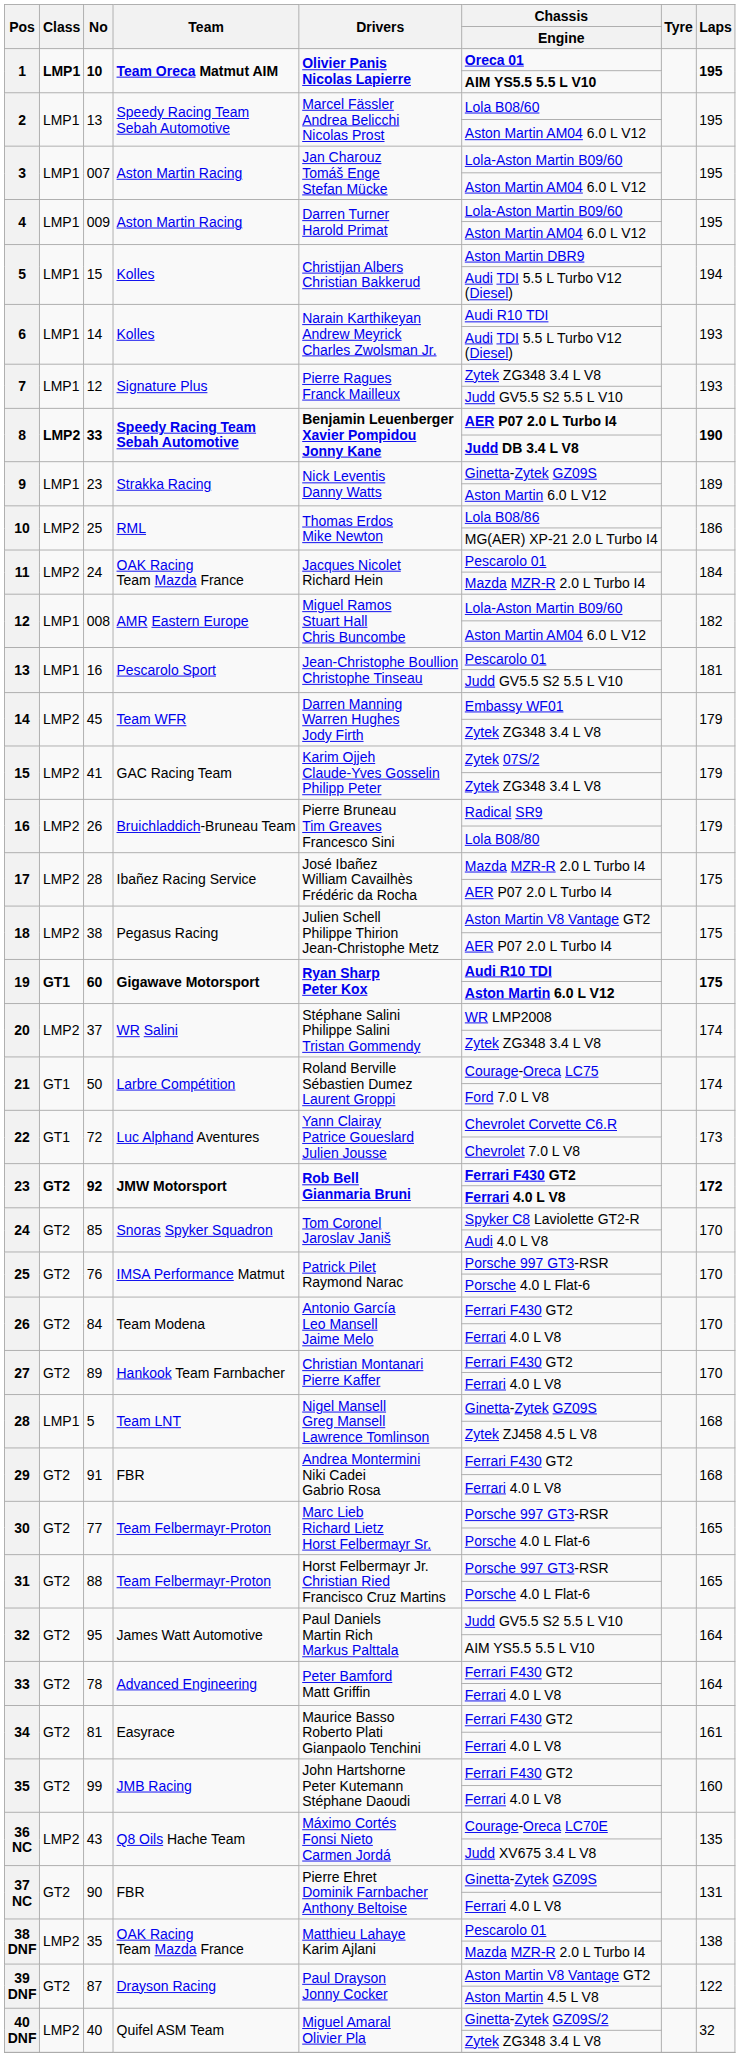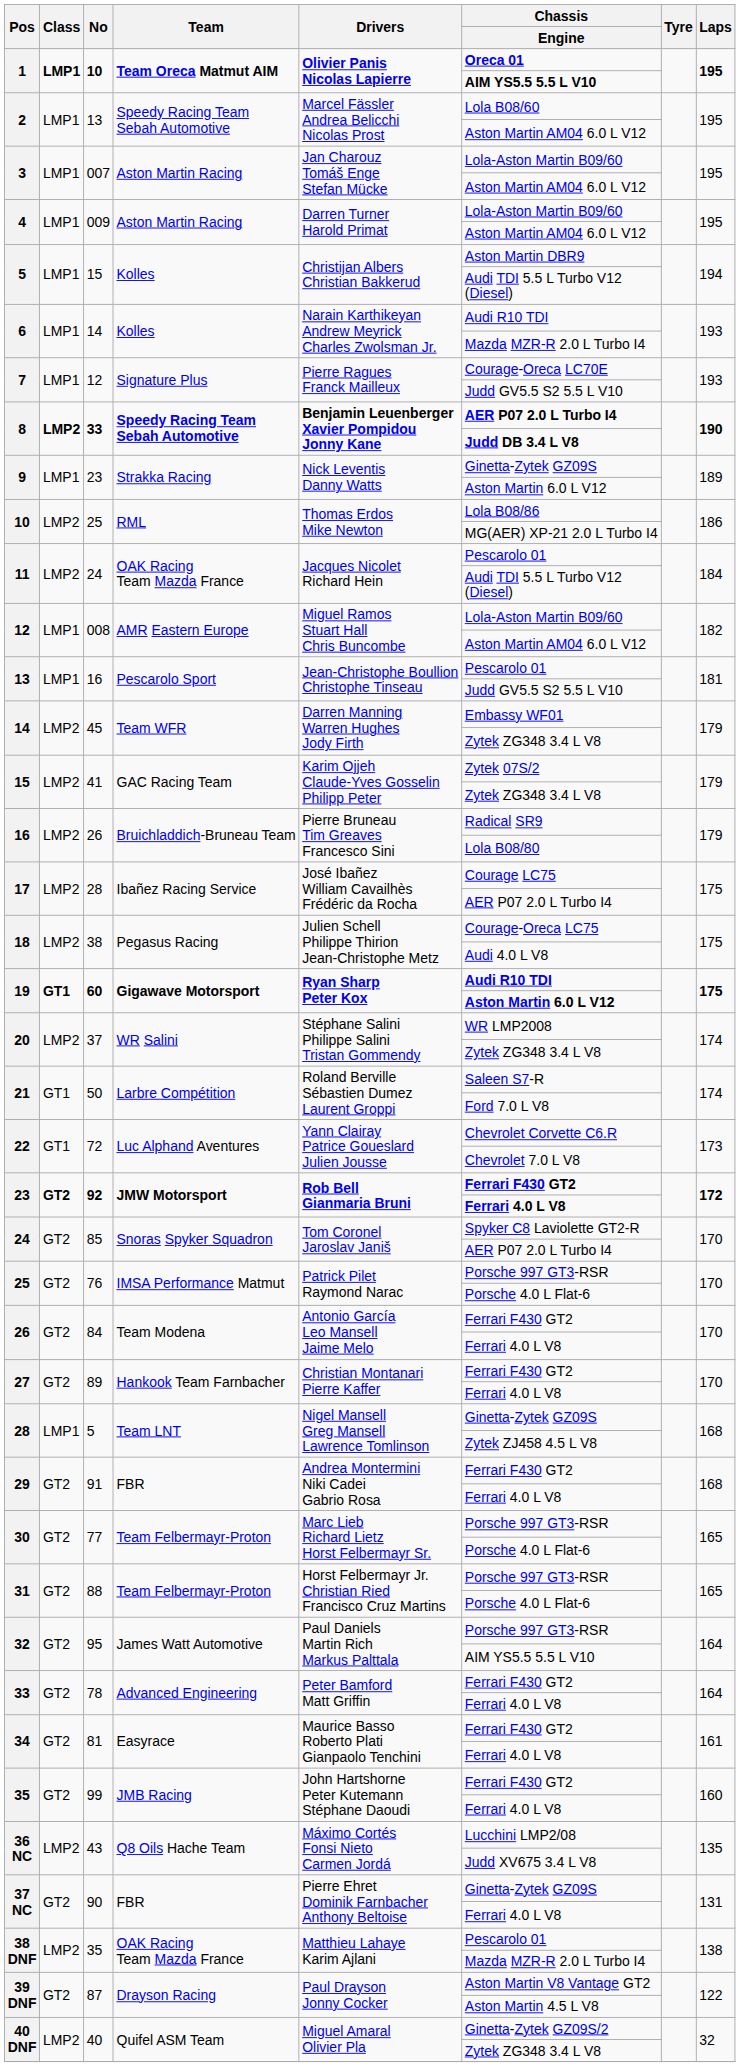 <table class="wikitable" style="font-size: 95%;">
 <tr>
 <th rowspan=2>Pos</th>
 <th rowspan=2>Class</th>
 <th rowspan=2>No</th>
 <th rowspan=2>Team</th>
 <th rowspan=2>Drivers</th>
 <th>Chassis</th>
 <th rowspan=2>Tyre</th>
 <th rowspan=2>Laps</th>
 </tr>
 <tr>
 <th>Engine</th>
 </tr>
 <tr style="font-weight:bold">
 <th rowspan=2>1</th>
 <td rowspan=2>LMP1</td>
 <td rowspan=2>10</td>
 <td rowspan=2> <a href='#'>Team Oreca</a> Matmut AIM</td>
 <td rowspan=2> <a href='#'>Olivier Panis</a><br> <a href='#'>Nicolas Lapierre</a></td>
 <td><a href='#'>Oreca 01</a></td>
 <td rowspan=2></td>
 <td rowspan=2>195</td>
 </tr>
 <tr style="font-weight:bold">
 <td>AIM YS5.5 5.5 L V10</td>
 </tr>
 <tr>
 <th rowspan=2>2</th>
 <td rowspan=2>LMP1</td>
 <td rowspan=2>13</td>
 <td rowspan=2> <a href='#'>Speedy Racing Team</a><br> <a href='#'>Sebah Automotive</a></td>
 <td rowspan=2> <a href='#'>Marcel Fässler</a><br> <a href='#'>Andrea Belicchi</a><br> <a href='#'>Nicolas Prost</a></td>
 <td><a href='#'>Lola B08/60</a></td>
 <td rowspan=2></td>
 <td rowspan=2>195</td>
 </tr>
 <tr>
 <td><a href='#'>Aston Martin AM04</a> 6.0 L V12</td>
 </tr>
 <tr>
 <th rowspan=2>3</th>
 <td rowspan=2>LMP1</td>
 <td rowspan=2>007</td>
 <td rowspan=2> <a href='#'>Aston Martin Racing</a></td>
 <td rowspan=2> <a href='#'>Jan Charouz</a><br> <a href='#'>Tomáš Enge</a><br> <a href='#'>Stefan Mücke</a></td>
 <td><a href='#'>Lola-Aston Martin B09/60</a></td>
 <td rowspan=2></td>
 <td rowspan=2>195</td>
 </tr>
 <tr>
 <td><a href='#'>Aston Martin AM04</a> 6.0 L V12</td>
 </tr>
 <tr>
 <th rowspan=2>4</th>
 <td rowspan=2>LMP1</td>
 <td rowspan=2>009</td>
 <td rowspan=2> <a href='#'>Aston Martin Racing</a></td>
 <td rowspan=2> <a href='#'>Darren Turner</a><br> <a href='#'>Harold Primat</a></td>
 <td><a href='#'>Lola-Aston Martin B09/60</a></td>
 <td rowspan=2></td>
 <td rowspan=2>195</td>
 </tr>
 <tr>
 <td><a href='#'>Aston Martin AM04</a> 6.0 L V12</td>
 </tr>
 <tr>
 <th rowspan=2>5</th>
 <td rowspan=2>LMP1</td>
 <td rowspan=2>15</td>
 <td rowspan=2> <a href='#'>Kolles</a></td>
 <td rowspan=2> <a href='#'>Christijan Albers</a><br> <a href='#'>Christian Bakkerud</a></td>
 <td><a href='#'>Aston Martin DBR9</a></td>
 <td rowspan=2></td>
 <td rowspan=2>194</td>
 </tr>
 <tr>
 <td><a href='#'>Audi</a> <a href='#'>TDI</a> 5.5 L Turbo V12<br>(<a href='#'>Diesel</a>)</td>
 </tr>
 <tr>
 <th rowspan=2>6</th>
 <td rowspan=2>LMP1</td>
 <td rowspan=2>14</td>
 <td rowspan=2> <a href='#'>Kolles</a></td>
 <td rowspan=2> <a href='#'>Narain Karthikeyan</a><br> <a href='#'>Andrew Meyrick</a><br> <a href='#'>Charles Zwolsman Jr.</a></td>
 <td><a href='#'>Audi R10 TDI</a></td>
 <td rowspan=2></td>
 <td rowspan=2>193</td>
 </tr>
 <tr>
-<td><a href='#'>Audi</a> <a href='#'>TDI</a> 5.5 L Turbo V12<br>(<a href='#'>Diesel</a>)</td>
+<td><a href='#'>Mazda</a> <a href='#'>MZR-R</a> 2.0 L Turbo I4</td>
 </tr>
 <tr>
 <th rowspan=2>7</th>
 <td rowspan=2>LMP1</td>
 <td rowspan=2>12</td>
 <td rowspan=2> <a href='#'>Signature Plus</a></td>
 <td rowspan=2> <a href='#'>Pierre Ragues</a><br> <a href='#'>Franck Mailleux</a></td>
-<td><a href='#'>Zytek</a> ZG348 3.4 L V8</td>
+<td><a href='#'>Courage</a>-<a href='#'>Oreca</a> <a href='#'>LC70E</a></td>
 <td rowspan=2></td>
 <td rowspan=2>193</td>
 </tr>
 <tr>
 <td><a href='#'>Judd</a> GV5.5 S2 5.5 L V10</td>
 </tr>
 <tr style="font-weight:bold">
 <th rowspan=2>8</th>
 <td rowspan=2>LMP2</td>
 <td rowspan=2>33</td>
 <td rowspan=2> <a href='#'>Speedy Racing Team</a><br> <a href='#'>Sebah Automotive</a></td>
 <td rowspan=2> Benjamin Leuenberger<br><a href='#'>Xavier Pompidou</a><br> <a href='#'>Jonny Kane</a></td>
 <td><a href='#'>AER</a> P07 2.0 L Turbo I4</td>
 <td rowspan=2></td>
 <td rowspan=2>190</td>
 </tr>
 <tr style="font-weight:bold">
 <td><a href='#'>Judd</a> DB 3.4 L V8</td>
 </tr>
 <tr>
 <th rowspan=2>9</th>
 <td rowspan=2>LMP1</td>
 <td rowspan=2>23</td>
 <td rowspan=2> <a href='#'>Strakka Racing</a></td>
 <td rowspan=2> <a href='#'>Nick Leventis</a><br> <a href='#'>Danny Watts</a></td>
 <td><a href='#'>Ginetta</a>-<a href='#'>Zytek</a> <a href='#'>GZ09S</a></td>
 <td rowspan=2></td>
 <td rowspan=2>189</td>
 </tr>
 <tr>
 <td><a href='#'>Aston Martin</a> 6.0 L V12</td>
 </tr>
 <tr>
 <th rowspan=2>10</th>
 <td rowspan=2>LMP2</td>
 <td rowspan=2>25</td>
 <td rowspan=2> <a href='#'>RML</a></td>
 <td rowspan=2> <a href='#'>Thomas Erdos</a><br> <a href='#'>Mike Newton</a></td>
 <td><a href='#'>Lola B08/86</a></td>
 <td rowspan=2></td>
 <td rowspan=2>186</td>
 </tr>
 <tr>
 <td>MG(AER) XP-21 2.0 L Turbo I4</td>
 </tr>
 <tr>
 <th rowspan=2>11</th>
 <td rowspan=2>LMP2</td>
 <td rowspan=2>24</td>
 <td rowspan=2> <a href='#'>OAK Racing</a><br> Team <a href='#'>Mazda</a> France</td>
 <td rowspan=2> <a href='#'>Jacques Nicolet</a><br> Richard Hein</td>
 <td><a href='#'>Pescarolo 01</a></td>
 <td rowspan=2></td>
 <td rowspan=2>184</td>
 </tr>
 <tr>
-<td><a href='#'>Mazda</a> <a href='#'>MZR-R</a> 2.0 L Turbo I4</td>
+<td><a href='#'>Audi</a> <a href='#'>TDI</a> 5.5 L Turbo V12<br>(<a href='#'>Diesel</a>)</td>
 </tr>
 <tr>
 <th rowspan=2>12</th>
 <td rowspan=2>LMP1</td>
 <td rowspan=2>008</td>
 <td rowspan=2> <a href='#'>AMR</a> <a href='#'>Eastern Europe</a></td>
 <td rowspan=2> <a href='#'>Miguel Ramos</a><br> <a href='#'>Stuart Hall</a><br> <a href='#'>Chris Buncombe</a></td>
 <td><a href='#'>Lola-Aston Martin B09/60</a></td>
 <td rowspan=2></td>
 <td rowspan=2>182</td>
 </tr>
 <tr>
 <td><a href='#'>Aston Martin AM04</a> 6.0 L V12</td>
 </tr>
 <tr>
 <th rowspan=2>13</th>
 <td rowspan=2>LMP1</td>
 <td rowspan=2>16</td>
 <td rowspan=2> <a href='#'>Pescarolo Sport</a></td>
 <td rowspan=2> <a href='#'>Jean-Christophe Boullion</a><br> <a href='#'>Christophe Tinseau</a></td>
 <td><a href='#'>Pescarolo 01</a></td>
 <td rowspan=2></td>
 <td rowspan=2>181</td>
 </tr>
 <tr>
 <td><a href='#'>Judd</a> GV5.5 S2 5.5 L V10</td>
 </tr>
 <tr>
 <th rowspan=2>14</th>
 <td rowspan=2>LMP2</td>
 <td rowspan=2>45</td>
 <td rowspan=2> <a href='#'>Team WFR</a></td>
 <td rowspan=2> <a href='#'>Darren Manning</a><br> <a href='#'>Warren Hughes</a><br> <a href='#'>Jody Firth</a></td>
 <td><a href='#'>Embassy WF01</a></td>
 <td rowspan=2></td>
 <td rowspan=2>179</td>
 </tr>
 <tr>
 <td><a href='#'>Zytek</a> ZG348 3.4 L V8</td>
 </tr>
 <tr>
 <th rowspan=2>15</th>
 <td rowspan=2>LMP2</td>
 <td rowspan=2>41</td>
 <td rowspan=2> GAC Racing Team</td>
 <td rowspan=2> <a href='#'>Karim Ojjeh</a><br> <a href='#'>Claude-Yves Gosselin</a><br> <a href='#'>Philipp Peter</a></td>
 <td><a href='#'>Zytek</a> <a href='#'>07S/2</a></td>
 <td rowspan=2></td>
 <td rowspan=2>179</td>
 </tr>
 <tr>
 <td><a href='#'>Zytek</a> ZG348 3.4 L V8</td>
 </tr>
 <tr>
 <th rowspan=2>16</th>
 <td rowspan=2>LMP2</td>
 <td rowspan=2>26</td>
 <td rowspan=2> <a href='#'>Bruichladdich</a>-Bruneau Team</td>
 <td rowspan=2> Pierre Bruneau<br> <a href='#'>Tim Greaves</a><br> Francesco Sini</td>
 <td><a href='#'>Radical</a> <a href='#'>SR9</a></td>
 <td rowspan=2></td>
 <td rowspan=2>179</td>
 </tr>
 <tr>
 <td><a href='#'>Lola B08/80</a></td>
 </tr>
 <tr>
 <th rowspan=2>17</th>
 <td rowspan=2>LMP2</td>
 <td rowspan=2>28</td>
 <td rowspan=2> Ibañez Racing Service</td>
 <td rowspan=2> José Ibañez<br> William Cavailhès<br> Frédéric da Rocha</td>
-<td><a href='#'>Mazda</a> <a href='#'>MZR-R</a> 2.0 L Turbo I4</td>
+<td><a href='#'>Courage</a> <a href='#'>LC75</a></td>
 <td rowspan=2></td>
 <td rowspan=2>175</td>
 </tr>
 <tr>
 <td><a href='#'>AER</a> P07 2.0 L Turbo I4</td>
 </tr>
 <tr>
 <th rowspan=2>18</th>
 <td rowspan=2>LMP2</td>
 <td rowspan=2>38</td>
 <td rowspan=2> Pegasus Racing</td>
 <td rowspan=2> Julien Schell<br> Philippe Thirion<br> Jean-Christophe Metz</td>
-<td><a href='#'>Aston Martin V8 Vantage</a> GT2</td>
+<td><a href='#'>Courage</a>-<a href='#'>Oreca</a> <a href='#'>LC75</a></td>
 <td rowspan=2></td>
 <td rowspan=2>175</td>
 </tr>
 <tr>
-<td><a href='#'>AER</a> P07 2.0 L Turbo I4</td>
+<td><a href='#'>Audi</a> 4.0 L V8</td>
 </tr>
 <tr style="font-weight:bold">
 <th rowspan=2>19</th>
 <td rowspan=2>GT1</td>
 <td rowspan=2>60</td>
 <td rowspan=2> Gigawave Motorsport</td>
 <td rowspan=2> <a href='#'>Ryan Sharp</a><br> <a href='#'>Peter Kox</a></td>
 <td><a href='#'>Audi R10 TDI</a></td>
 <td rowspan=2></td>
 <td rowspan=2>175</td>
 </tr>
 <tr style="font-weight:bold">
 <td><a href='#'>Aston Martin</a> 6.0 L V12</td>
 </tr>
 <tr>
 <th rowspan=2>20</th>
 <td rowspan=2>LMP2</td>
 <td rowspan=2>37</td>
 <td rowspan=2> <a href='#'>WR</a> <a href='#'>Salini</a></td>
 <td rowspan=2> Stéphane Salini<br> Philippe Salini<br> <a href='#'>Tristan Gommendy</a></td>
 <td><a href='#'>WR</a> LMP2008</td>
 <td rowspan=2></td>
 <td rowspan=2>174</td>
 </tr>
 <tr>
 <td><a href='#'>Zytek</a> ZG348 3.4 L V8</td>
 </tr>
 <tr>
 <th rowspan=2>21</th>
 <td rowspan=2>GT1</td>
 <td rowspan=2>50</td>
 <td rowspan=2> <a href='#'>Larbre Compétition</a></td>
 <td rowspan=2> Roland Berville<br> Sébastien Dumez<br> <a href='#'>Laurent Groppi</a></td>
-<td><a href='#'>Courage</a>-<a href='#'>Oreca</a> <a href='#'>LC75</a></td>
+<td><a href='#'>Saleen S7</a>-R</td>
 <td rowspan=2></td>
 <td rowspan=2>174</td>
 </tr>
 <tr>
 <td><a href='#'>Ford</a> 7.0 L V8</td>
 </tr>
 <tr>
 <th rowspan=2>22</th>
 <td rowspan=2>GT1</td>
 <td rowspan=2>72</td>
 <td rowspan=2> <a href='#'>Luc Alphand</a> Aventures</td>
 <td rowspan=2> <a href='#'>Yann Clairay</a><br> <a href='#'>Patrice Goueslard</a><br> <a href='#'>Julien Jousse</a></td>
 <td><a href='#'>Chevrolet Corvette C6.R</a></td>
 <td rowspan=2></td>
 <td rowspan=2>173</td>
 </tr>
 <tr>
 <td><a href='#'>Chevrolet</a> 7.0 L V8</td>
 </tr>
 <tr style="font-weight:bold">
 <th rowspan=2>23</th>
 <td rowspan=2>GT2</td>
 <td rowspan=2>92</td>
 <td rowspan=2> JMW Motorsport</td>
 <td rowspan=2> <a href='#'>Rob Bell</a><br> <a href='#'>Gianmaria Bruni</a></td>
 <td><a href='#'>Ferrari F430</a> GT2</td>
 <td rowspan=2></td>
 <td rowspan=2>172</td>
 </tr>
 <tr style="font-weight:bold">
 <td><a href='#'>Ferrari</a> 4.0 L V8</td>
 </tr>
 <tr>
 <th rowspan=2>24</th>
 <td rowspan=2>GT2</td>
 <td rowspan=2>85</td>
 <td rowspan=2> <a href='#'>Snoras</a> <a href='#'>Spyker Squadron</a></td>
 <td rowspan=2> <a href='#'>Tom Coronel</a><br> <a href='#'>Jaroslav Janiš</a></td>
 <td><a href='#'>Spyker C8</a> Laviolette GT2-R</td>
 <td rowspan=2></td>
 <td rowspan=2>170</td>
 </tr>
 <tr>
-<td><a href='#'>Audi</a> 4.0 L V8</td>
+<td><a href='#'>AER</a> P07 2.0 L Turbo I4</td>
 </tr>
 <tr>
 <th rowspan=2>25</th>
 <td rowspan=2>GT2</td>
 <td rowspan=2>76</td>
 <td rowspan=2> <a href='#'>IMSA Performance</a> Matmut</td>
 <td rowspan=2> <a href='#'>Patrick Pilet</a><br> Raymond Narac</td>
 <td><a href='#'>Porsche 997 GT3</a>-RSR</td>
 <td rowspan=2></td>
 <td rowspan=2>170</td>
 </tr>
 <tr>
 <td><a href='#'>Porsche</a> 4.0 L Flat-6</td>
 </tr>
 <tr>
 <th rowspan=2>26</th>
 <td rowspan=2>GT2</td>
 <td rowspan=2>84</td>
 <td rowspan=2> Team Modena</td>
 <td rowspan=2> <a href='#'>Antonio García</a><br> <a href='#'>Leo Mansell</a><br> <a href='#'>Jaime Melo</a></td>
 <td><a href='#'>Ferrari F430</a> GT2</td>
 <td rowspan=2></td>
 <td rowspan=2>170</td>
 </tr>
 <tr>
 <td><a href='#'>Ferrari</a> 4.0 L V8</td>
 </tr>
 <tr>
 <th rowspan=2>27</th>
 <td rowspan=2>GT2</td>
 <td rowspan=2>89</td>
 <td rowspan=2> <a href='#'>Hankook</a> Team Farnbacher</td>
 <td rowspan=2> <a href='#'>Christian Montanari</a><br> <a href='#'>Pierre Kaffer</a></td>
 <td><a href='#'>Ferrari F430</a> GT2</td>
 <td rowspan=2></td>
 <td rowspan=2>170</td>
 </tr>
 <tr>
 <td><a href='#'>Ferrari</a> 4.0 L V8</td>
 </tr>
 <tr>
 <th rowspan=2>28</th>
 <td rowspan=2>LMP1</td>
 <td rowspan=2>5</td>
 <td rowspan=2> <a href='#'>Team LNT</a></td>
 <td rowspan=2> <a href='#'>Nigel Mansell</a><br> <a href='#'>Greg Mansell</a><br> <a href='#'>Lawrence Tomlinson</a></td>
 <td><a href='#'>Ginetta</a>-<a href='#'>Zytek</a> <a href='#'>GZ09S</a></td>
 <td rowspan=2></td>
 <td rowspan=2>168</td>
 </tr>
 <tr>
 <td><a href='#'>Zytek</a> ZJ458 4.5 L V8</td>
 </tr>
 <tr>
 <th rowspan=2>29</th>
 <td rowspan=2>GT2</td>
 <td rowspan=2>91</td>
 <td rowspan=2> FBR</td>
 <td rowspan=2> <a href='#'>Andrea Montermini</a><br> Niki Cadei<br> Gabrio Rosa</td>
 <td><a href='#'>Ferrari F430</a> GT2</td>
 <td rowspan=2></td>
 <td rowspan=2>168</td>
 </tr>
 <tr>
 <td><a href='#'>Ferrari</a> 4.0 L V8</td>
 </tr>
 <tr>
 <th rowspan=2>30</th>
 <td rowspan=2>GT2</td>
 <td rowspan=2>77</td>
 <td rowspan=2> <a href='#'>Team Felbermayr-Proton</a></td>
 <td rowspan=2> <a href='#'>Marc Lieb</a><br> <a href='#'>Richard Lietz</a><br> <a href='#'> Horst Felbermayr Sr.</a></td>
 <td><a href='#'>Porsche 997 GT3</a>-RSR</td>
 <td rowspan=2></td>
 <td rowspan=2>165</td>
 </tr>
 <tr>
 <td><a href='#'>Porsche</a> 4.0 L Flat-6</td>
 </tr>
 <tr>
 <th rowspan=2>31</th>
 <td rowspan=2>GT2</td>
 <td rowspan=2>88</td>
 <td rowspan=2> <a href='#'>Team Felbermayr-Proton</a></td>
 <td rowspan=2> Horst Felbermayr Jr.<br> <a href='#'>Christian Ried</a><br> Francisco Cruz Martins</td>
 <td><a href='#'>Porsche 997 GT3</a>-RSR</td>
 <td rowspan=2></td>
 <td rowspan=2>165</td>
 </tr>
 <tr>
 <td><a href='#'>Porsche</a> 4.0 L Flat-6</td>
 </tr>
 <tr>
 <th rowspan=2>32</th>
 <td rowspan=2>GT2</td>
 <td rowspan=2>95</td>
 <td rowspan=2> James Watt Automotive</td>
 <td rowspan=2> Paul Daniels<br> Martin Rich<br> <a href='#'>Markus Palttala</a></td>
-<td><a href='#'>Judd</a> GV5.5 S2 5.5 L V10</td>
+<td><a href='#'>Porsche 997 GT3</a>-RSR</td>
 <td rowspan=2></td>
 <td rowspan=2>164</td>
 </tr>
 <tr>
 <td>AIM YS5.5 5.5 L V10</td>
 </tr>
 <tr>
 <th rowspan=2>33</th>
 <td rowspan=2>GT2</td>
 <td rowspan=2>78</td>
 <td rowspan=2> <a href='#'>Advanced Engineering</a></td>
 <td rowspan=2> <a href='#'>Peter Bamford</a><br> Matt Griffin</td>
 <td><a href='#'>Ferrari F430</a> GT2</td>
 <td rowspan=2></td>
 <td rowspan=2>164</td>
 </tr>
 <tr>
 <td><a href='#'>Ferrari</a> 4.0 L V8</td>
 </tr>
 <tr>
 <th rowspan=2>34</th>
 <td rowspan=2>GT2</td>
 <td rowspan=2>81</td>
 <td rowspan=2> Easyrace</td>
 <td rowspan=2> Maurice Basso<br> Roberto Plati<br> Gianpaolo Tenchini</td>
 <td><a href='#'>Ferrari F430</a> GT2</td>
 <td rowspan=2></td>
 <td rowspan=2>161</td>
 </tr>
 <tr>
 <td><a href='#'>Ferrari</a> 4.0 L V8</td>
 </tr>
 <tr>
 <th rowspan=2>35</th>
 <td rowspan=2>GT2</td>
 <td rowspan=2>99</td>
 <td rowspan=2> <a href='#'>JMB Racing</a></td>
 <td rowspan=2> John Hartshorne<br> Peter Kutemann<br> Stéphane Daoudi</td>
 <td><a href='#'>Ferrari F430</a> GT2</td>
 <td rowspan=2></td>
 <td rowspan=2>160</td>
 </tr>
 <tr>
 <td><a href='#'>Ferrari</a> 4.0 L V8</td>
 </tr>
 <tr>
 <th rowspan=2>36<br>NC</th>
 <td rowspan=2>LMP2</td>
 <td rowspan=2>43</td>
 <td rowspan=2> <a href='#'>Q8 Oils</a> Hache Team</td>
 <td rowspan=2> <a href='#'>Máximo Cortés</a><br> <a href='#'>Fonsi Nieto</a><br> <a href='#'>Carmen Jordá</a></td>
-<td><a href='#'>Courage</a>-<a href='#'>Oreca</a> <a href='#'>LC70E</a></td>
+<td><a href='#'>Lucchini</a> LMP2/08</td>
 <td rowspan=2></td>
 <td rowspan=2>135</td>
 </tr>
 <tr>
 <td><a href='#'>Judd</a> XV675 3.4 L V8</td>
 </tr>
 <tr>
 <th rowspan=2>37<br>NC</th>
 <td rowspan=2>GT2</td>
 <td rowspan=2>90</td>
 <td rowspan=2> FBR</td>
 <td rowspan=2> Pierre Ehret<br> <a href='#'>Dominik Farnbacher</a><br> <a href='#'>Anthony Beltoise</a></td>
 <td><a href='#'>Ginetta</a>-<a href='#'>Zytek</a> <a href='#'>GZ09S</a></td>
 <td rowspan=2></td>
 <td rowspan=2>131</td>
 </tr>
 <tr>
 <td><a href='#'>Ferrari</a> 4.0 L V8</td>
 </tr>
 <tr>
 <th rowspan=2>38<br>DNF</th>
 <td rowspan=2>LMP2</td>
 <td rowspan=2>35</td>
 <td rowspan=2> <a href='#'>OAK Racing</a><br> Team <a href='#'>Mazda</a> France</td>
 <td rowspan=2> <a href='#'>Matthieu Lahaye</a><br> Karim Ajlani</td>
 <td><a href='#'>Pescarolo 01</a></td>
 <td rowspan=2></td>
 <td rowspan=2>138</td>
 </tr>
 <tr>
 <td><a href='#'>Mazda</a> <a href='#'>MZR-R</a> 2.0 L Turbo I4</td>
 </tr>
 <tr>
 <th rowspan=2>39<br>DNF</th>
 <td rowspan=2>GT2</td>
 <td rowspan=2>87</td>
 <td rowspan=2> <a href='#'>Drayson Racing</a></td>
 <td rowspan=2> <a href='#'>Paul Drayson</a><br> <a href='#'>Jonny Cocker</a></td>
 <td><a href='#'>Aston Martin V8 Vantage</a> GT2</td>
 <td rowspan=2></td>
 <td rowspan=2>122</td>
 </tr>
 <tr>
 <td><a href='#'>Aston Martin</a> 4.5 L V8</td>
 </tr>
 <tr>
 <th rowspan=2>40<br>DNF</th>
 <td rowspan=2>LMP2</td>
 <td rowspan=2>40</td>
 <td rowspan=2> Quifel ASM Team</td>
 <td rowspan=2> <a href='#'>Miguel Amaral</a><br> <a href='#'>Olivier Pla</a></td>
 <td><a href='#'>Ginetta</a>-<a href='#'>Zytek</a> <a href='#'>GZ09S/2</a></td>
 <td rowspan=2></td>
 <td rowspan=2>32</td>
 </tr>
 <tr>
 <td><a href='#'>Zytek</a> ZG348 3.4 L V8</td>
 </tr>
 <tr>
 </tr>
 </table>
